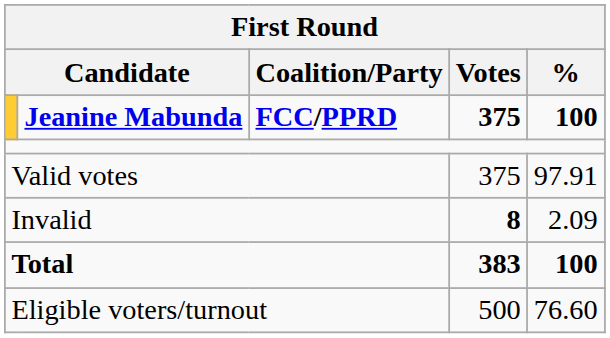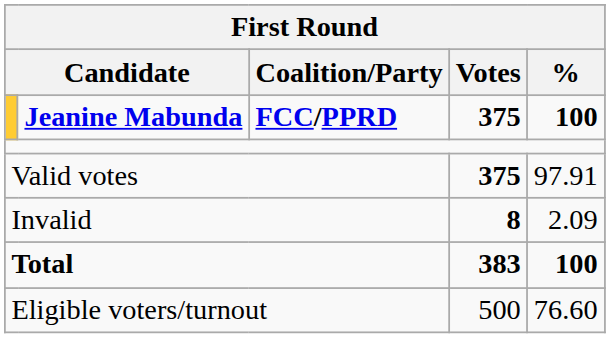 <table class=wikitable style=text-align:right>
 <tr>
 <th colspan="5">First Round</th>
 </tr>
 <tr>
 <th colspan=2>Candidate</th>
 <th>Coalition/Party</th>
 <th>Votes</th>
 <th>%</th>
 </tr>
 <tr>
 <td bgcolor=#FFCC33></td>
 <td align=left><strong><a href='#'>Jeanine Mabunda</a></strong></td>
 <td align=left><strong><a href='#'>FCC</a>/<a href='#'>PPRD</a></strong></td>
 <td><strong>375</strong></td>
 <td><strong>100</strong></td>
 </tr>
 <tr>
 <td colspan=12></td>
 </tr>
 <tr>
 <td style="text-align:left;" colspan=3>Valid votes</td>
-<td>375</td>
+<td><strong>375</strong></td>
 <td>97.91</td>
 </tr>
 <tr>
 <td style="text-align:left;" colspan=3>Invalid</td>
 <td><strong>8</strong></td>
 <td>2.09</td>
 </tr>
 <tr>
 <td style="text-align:left;" colspan=3><strong>Total</strong></td>
 <td><strong>383</strong></td>
 <td><strong>100</strong></td>
 </tr>
 <tr>
 <td style="text-align:left;" colspan=3>Eligible voters/turnout</td>
 <td>500</td>
 <td>76.60</td>
 </tr>
 </table>
